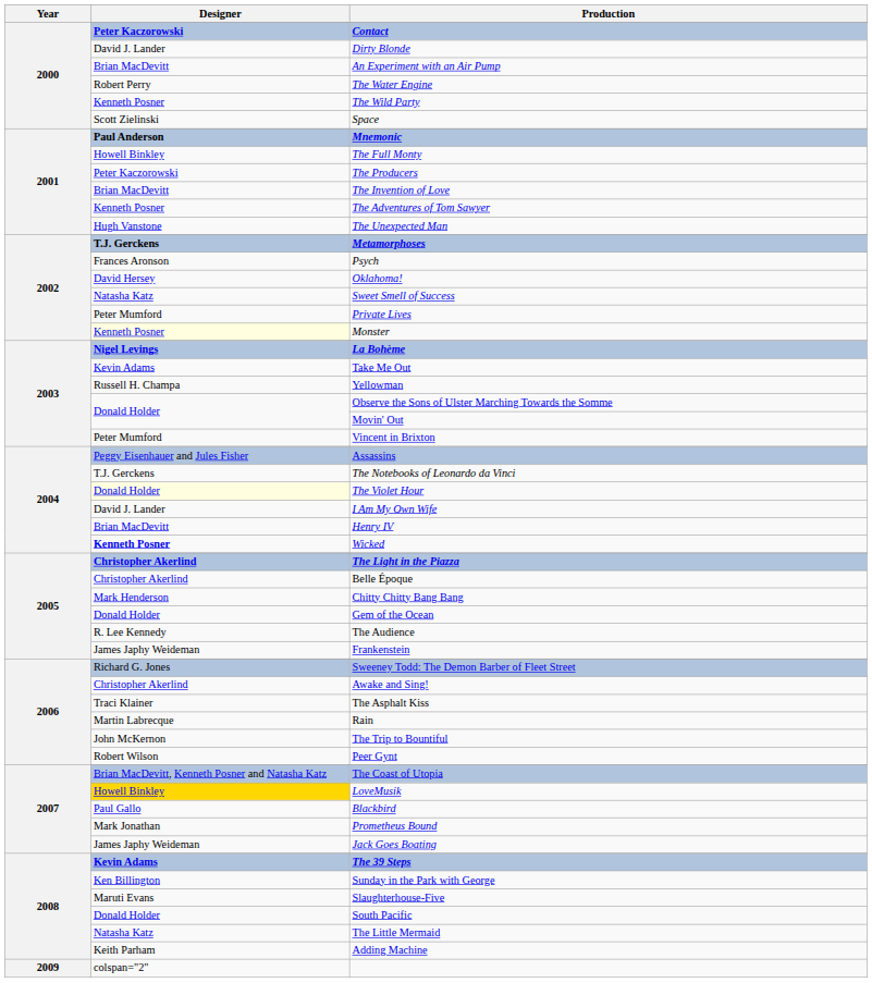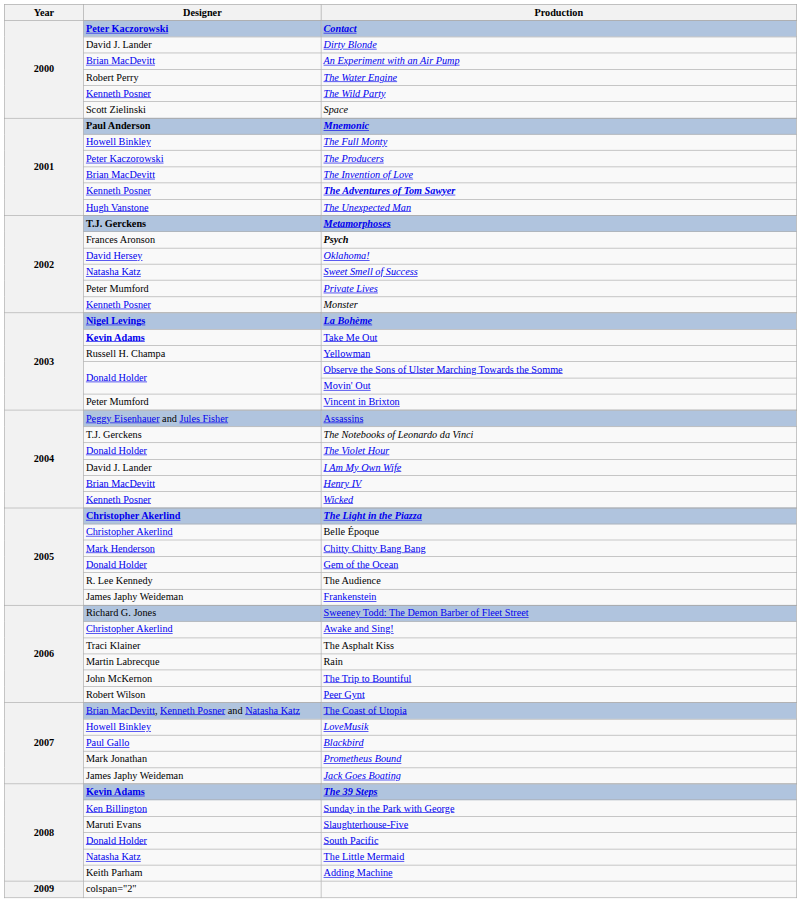 <table class="wikitable" style="width:98%;">
 <tr style="background:#bebebe;">
 <th style="width:10%;">Year</th>
 <th style="width:30%;">Designer</th>
 <th style="width:60%;">Production</th>
 </tr>
 <tr>
 <th rowspan="7">2000</th>
 </tr>
 <tr style="background:#B0C4DE">
 <td><strong><a href='#'>Peter Kaczorowski</a></strong></td>
 <td><strong><em><a href='#'>Contact</a></em></strong></td>
 </tr>
 <tr>
 <td>David J. Lander</td>
 <td><em><a href='#'>Dirty Blonde</a></em></td>
 </tr>
 <tr>
 <td><a href='#'>Brian MacDevitt</a></td>
 <td><em><a href='#'>An Experiment with an Air Pump</a></em></td>
 </tr>
 <tr>
 <td>Robert Perry</td>
 <td><em><a href='#'>The Water Engine</a></em></td>
 </tr>
 <tr>
 <td><a href='#'>Kenneth Posner</a></td>
 <td><em><a href='#'>The Wild Party</a></em></td>
 </tr>
 <tr>
 <td>Scott Zielinski</td>
 <td><em>Space</em></td>
 </tr>
 <tr>
 <th rowspan="7">2001</th>
 </tr>
 <tr style="background:#B0C4DE">
 <td><strong>Paul Anderson</strong></td>
 <td><strong><em><a href='#'>Mnemonic</a></em></strong></td>
 </tr>
 <tr>
 <td><a href='#'>Howell Binkley</a></td>
 <td><em><a href='#'>The Full Monty</a></em></td>
 </tr>
 <tr>
 <td><a href='#'>Peter Kaczorowski</a></td>
 <td><em><a href='#'>The Producers</a></em></td>
 </tr>
 <tr>
 <td><a href='#'>Brian MacDevitt</a></td>
 <td><em><a href='#'>The Invention of Love</a></em></td>
 </tr>
 <tr>
 <td><a href='#'>Kenneth Posner</a></td>
-<td><em><a href='#'>The Adventures of Tom Sawyer</a></em></td>
+<td><strong><em><a href='#'>The Adventures of Tom Sawyer</a></em></strong></td>
 </tr>
 <tr>
 <td><a href='#'>Hugh Vanstone</a></td>
 <td><em><a href='#'>The Unexpected Man</a></em></td>
 </tr>
 <tr>
 <th rowspan="7">2002</th>
 </tr>
 <tr style="background:#B0C4DE">
 <td><strong>T.J. Gerckens</strong></td>
 <td><strong><em><a href='#'>Metamorphoses</a></em></strong></td>
 </tr>
 <tr>
 <td>Frances Aronson</td>
-<td><em>Psych</em></td>
+<td><strong><em>Psych</em></strong></td>
 </tr>
 <tr>
 <td><a href='#'>David Hersey</a></td>
 <td><em><a href='#'>Oklahoma!</a></em></td>
 </tr>
 <tr>
 <td><a href='#'>Natasha Katz</a></td>
 <td><em><a href='#'>Sweet Smell of Success</a></em></td>
 </tr>
 <tr>
 <td>Peter Mumford</td>
 <td><em><a href='#'>Private Lives</a></em></td>
 </tr>
 <tr>
-<td style="background: lightyellow;"><a href='#'>Kenneth Posner</a></td>
+<td><a href='#'>Kenneth Posner</a></td>
 <td><em>Monster</em></td>
 </tr>
 <tr>
 <th rowspan="7">2003</th>
 </tr>
 <tr style="background:#B0C4DE">
 <td><strong><a href='#'>Nigel Levings</a></strong></td>
 <td><strong><em><a href='#'>La Bohème</a><em> <strong></td>
 </tr>
 <tr>
-<td><a href='#'>Kevin Adams</a></td>
+<td><strong><a href='#'>Kevin Adams</a></strong></td>
 <td></em><a href='#'>Take Me Out</a><em></td>
 </tr>
 <tr>
 <td>Russell H. Champa</td>
 <td></em><a href='#'>Yellowman</a><em></td>
 </tr>
 <tr>
 <td rowspan="2"><a href='#'>Donald Holder</a></td>
 <td></em><a href='#'>Observe the Sons of Ulster Marching Towards the Somme</a><em></td>
 </tr>
 <tr>
 <td></em><a href='#'>Movin' Out</a><em></td>
 </tr>
 <tr>
 <td>Peter Mumford</td>
 <td></em><a href='#'>Vincent in Brixton</a><em></td>
 </tr>
 <tr>
 <th rowspan="7">2004</th>
 </tr>
 <tr style="background:#B0C4DE">
 <td></strong><a href='#'>Peggy Eisenhauer</a> and <a href='#'>Jules Fisher</a><strong></td>
 <td></em></strong><a href='#'>Assassins</a></em> </strong></td>
 </tr>
 <tr>
 <td>T.J. Gerckens</td>
 <td><em>The Notebooks of Leonardo da Vinci</em></td>
 </tr>
 <tr>
-<td style="background: lightyellow;"><a href='#'>Donald Holder</a></td>
+<td><a href='#'>Donald Holder</a></td>
 <td><em><a href='#'>The Violet Hour</a></em></td>
 </tr>
 <tr>
 <td>David J. Lander</td>
 <td><em><a href='#'>I Am My Own Wife</a></em></td>
 </tr>
 <tr>
 <td><a href='#'>Brian MacDevitt</a></td>
 <td><em><a href='#'>Henry IV</a></em></td>
 </tr>
 <tr>
-<td><strong><a href='#'>Kenneth Posner</a></strong></td>
+<td><a href='#'>Kenneth Posner</a></td>
 <td><em><a href='#'>Wicked</a></em></td>
 </tr>
 <tr>
 <th rowspan="7">2005</th>
 </tr>
 <tr style="background:#B0C4DE">
 <td><strong><a href='#'>Christopher Akerlind</a></strong></td>
 <td><strong><em><a href='#'>The Light in the Piazza</a><em> <strong></td>
 </tr>
 <tr>
 <td><a href='#'>Christopher Akerlind</a></td>
 <td></em>Belle Époque<em></td>
 </tr>
 <tr>
 <td><a href='#'>Mark Henderson</a></td>
 <td></em><a href='#'>Chitty Chitty Bang Bang</a><em></td>
 </tr>
 <tr>
 <td><a href='#'>Donald Holder</a></td>
 <td></em><a href='#'>Gem of the Ocean</a><em></td>
 </tr>
 <tr>
 <td>R. Lee Kennedy</td>
 <td>The Audience</td>
 </tr>
 <tr>
 <td>James Japhy Weideman</td>
 <td></em><a href='#'>Frankenstein</a><em></td>
 </tr>
 <tr>
 <th rowspan="7">2006</th>
 </tr>
 <tr style="background:#B0C4DE">
 <td></strong>Richard G. Jones<strong></td>
 <td></em></strong><a href='#'>Sweeney Todd: The Demon Barber of Fleet Street</a><strong><em></td>
 </tr>
 <tr>
 <td><a href='#'>Christopher Akerlind</a></td>
 <td></em><a href='#'>Awake and Sing!</a><em></td>
 </tr>
 <tr>
 <td>Traci Klainer</td>
 <td></em>The Asphalt Kiss<em></td>
 </tr>
 <tr>
 <td>Martin Labrecque</td>
 <td></em>Rain<em></td>
 </tr>
 <tr>
 <td>John McKernon</td>
 <td></em><a href='#'>The Trip to Bountiful</a><em></td>
 </tr>
 <tr>
 <td>Robert Wilson</td>
 <td></em><a href='#'>Peer Gynt</a><em></td>
 </tr>
 <tr>
 <th rowspan="6">2007</th>
 </tr>
 <tr style="background:#B0C4DE">
 <td></strong><a href='#'>Brian MacDevitt</a>, <a href='#'>Kenneth Posner</a> and <a href='#'>Natasha Katz</a><strong></td>
 <td></em></strong><a href='#'>The Coast of Utopia</a></strong> </em></td>
 </tr>
 <tr>
-<td style="background: gold;"><a href='#'>Howell Binkley</a></td>
+<td><a href='#'>Howell Binkley</a></td>
 <td><em><a href='#'>LoveMusik</a></em></td>
 </tr>
 <tr>
 <td><a href='#'>Paul Gallo</a></td>
 <td><em><a href='#'>Blackbird</a></em></td>
 </tr>
 <tr>
 <td>Mark Jonathan</td>
 <td><em><a href='#'>Prometheus Bound</a></em></td>
 </tr>
 <tr>
 <td>James Japhy Weideman</td>
 <td><em><a href='#'>Jack Goes Boating</a></em></td>
 </tr>
 <tr>
 <th rowspan="7">2008</th>
 </tr>
 <tr style="background:#B0C4DE">
 <td><strong><a href='#'>Kevin Adams</a></strong></td>
 <td><strong><em><a href='#'>The 39 Steps</a><em> <strong></td>
 </tr>
 <tr>
 <td><a href='#'>Ken Billington</a></td>
 <td></em><a href='#'>Sunday in the Park with George</a><em></td>
 </tr>
 <tr>
 <td>Maruti Evans</td>
 <td></em><a href='#'>Slaughterhouse-Five</a><em></td>
 </tr>
 <tr>
 <td><a href='#'>Donald Holder</a></td>
 <td></em><a href='#'>South Pacific</a><em></td>
 </tr>
 <tr>
 <td><a href='#'>Natasha Katz</a></td>
 <td></em><a href='#'>The Little Mermaid</a><em></td>
 </tr>
 <tr>
 <td>Keith Parham</td>
 <td></em><a href='#'>Adding Machine</a><em></td>
 </tr>
 <tr>
 <th>2009</th>
 <td>colspan="2" </td>
 </tr>
 </table>
